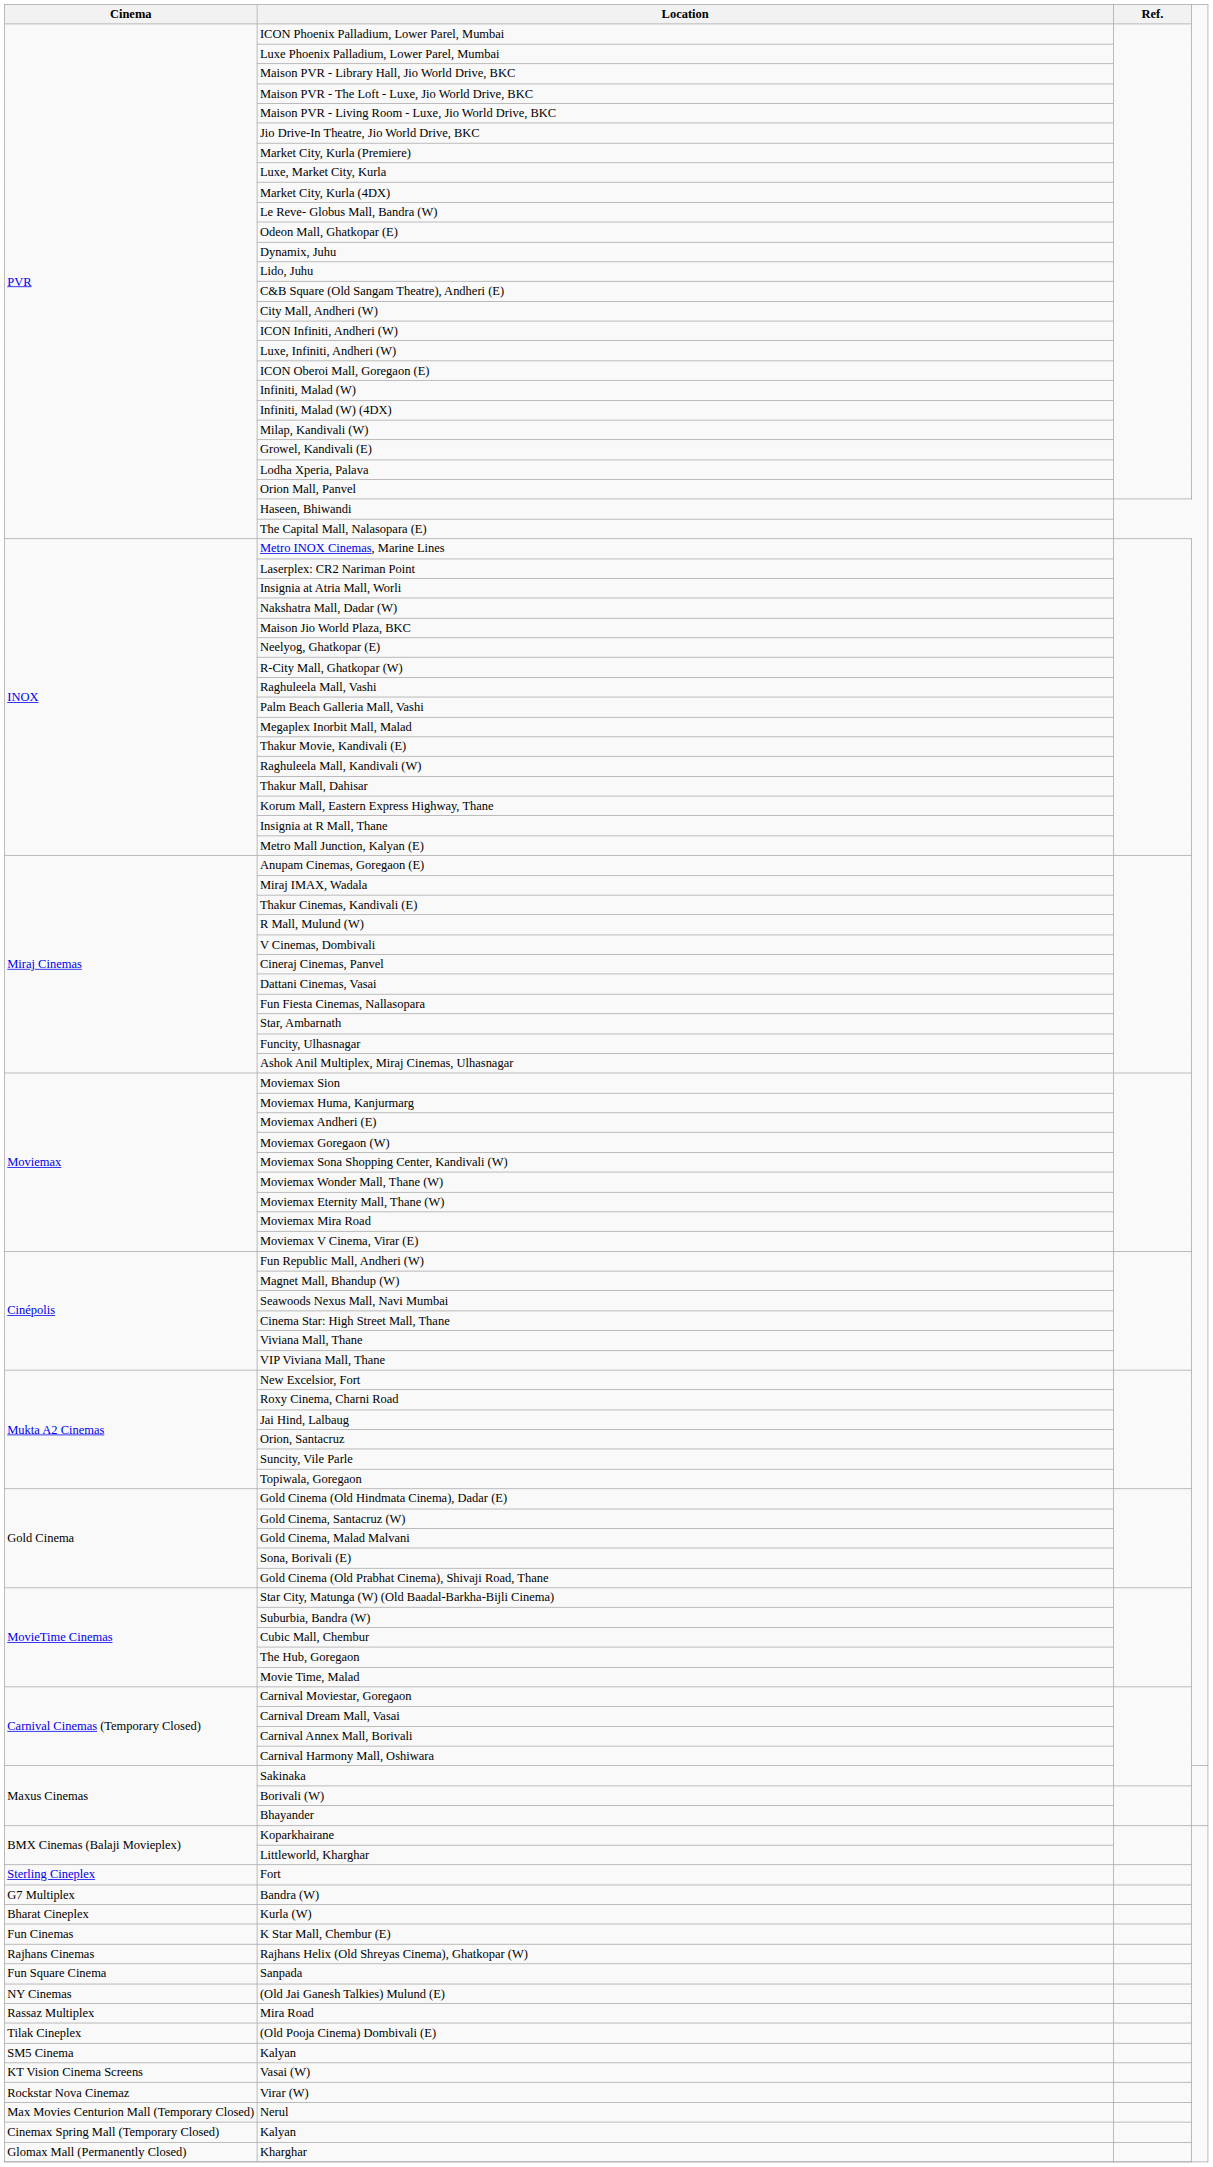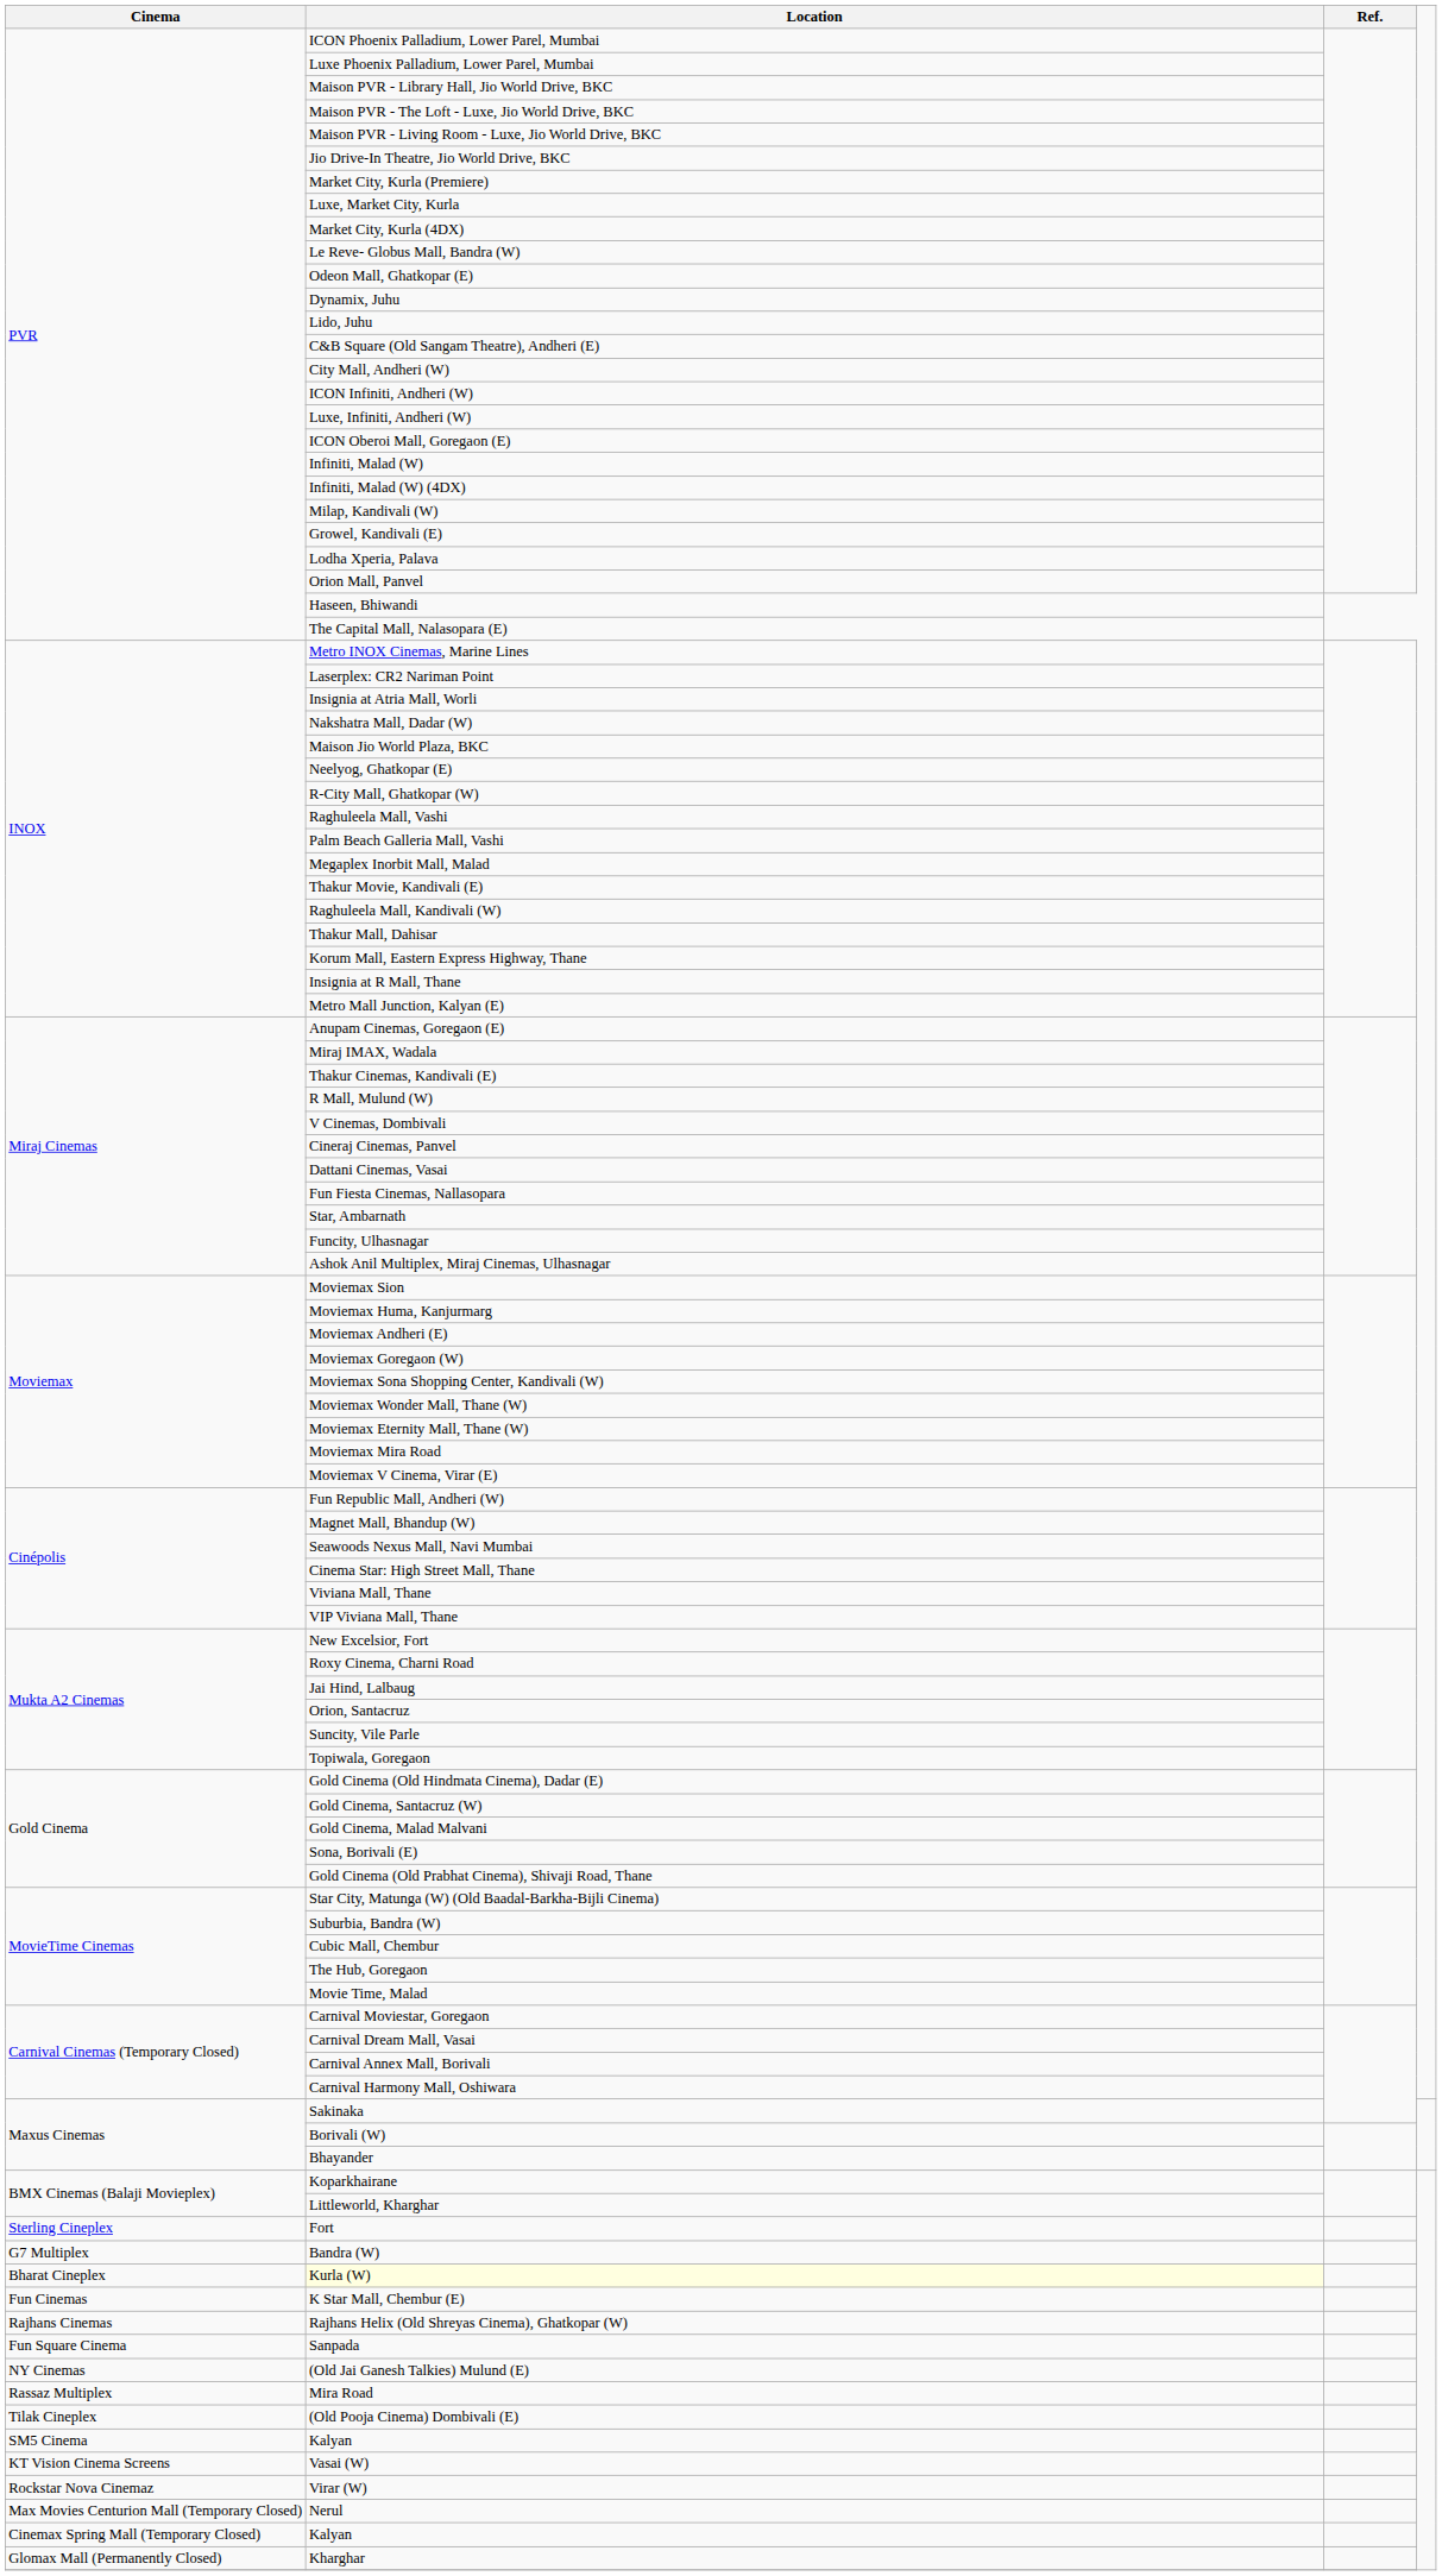 <table class="wikitable">
 <tr>
 <th width="21%">Cinema</th>
 <th>Location</th>
 <th>Ref.</th>
 </tr>
 <tr valign="Centre">
 <td Rowspan="26"><a href='#'>PVR</a></td>
 <td>ICON Phoenix Palladium, Lower Parel, Mumbai</td>
 <td Rowspan="24"></td>
 </tr>
 <tr>
 <td>Luxe Phoenix Palladium, Lower Parel, Mumbai</td>
 </tr>
 <tr>
 <td>Maison PVR - Library Hall, Jio World Drive, BKC</td>
 </tr>
 <tr>
 <td>Maison PVR - The Loft - Luxe, Jio World Drive, BKC</td>
 </tr>
 <tr>
 <td>Maison PVR - Living Room - Luxe, Jio World Drive, BKC</td>
 </tr>
 <tr>
 <td>Jio Drive-In Theatre, Jio World Drive, BKC</td>
 </tr>
 <tr>
 <td>Market City, Kurla (Premiere)</td>
 </tr>
 <tr>
 <td>Luxe, Market City, Kurla</td>
 </tr>
 <tr>
 <td>Market City, Kurla (4DX)</td>
 </tr>
 <tr>
 <td>Le Reve- Globus Mall, Bandra (W)</td>
 </tr>
 <tr>
 <td>Odeon Mall, Ghatkopar (E)</td>
 </tr>
 <tr>
 <td>Dynamix, Juhu</td>
 </tr>
 <tr>
 <td>Lido, Juhu</td>
 </tr>
 <tr>
 <td>C&B Square (Old Sangam Theatre), Andheri (E)</td>
 </tr>
 <tr>
 <td>City Mall, Andheri (W)</td>
 </tr>
 <tr>
 <td>ICON Infiniti, Andheri (W)</td>
 </tr>
 <tr>
 <td>Luxe, Infiniti, Andheri (W)</td>
 </tr>
 <tr>
 <td>ICON Oberoi Mall, Goregaon (E)</td>
 </tr>
 <tr>
 <td>Infiniti, Malad (W)</td>
 </tr>
 <tr>
 <td>Infiniti, Malad (W) (4DX)</td>
 </tr>
 <tr>
 <td>Milap, Kandivali (W)</td>
 </tr>
 <tr>
 <td>Growel, Kandivali (E)</td>
 </tr>
 <tr>
 <td>Lodha Xperia, Palava</td>
 </tr>
 <tr>
 <td>Orion Mall, Panvel</td>
 </tr>
 <tr>
 <td>Haseen, Bhiwandi</td>
 </tr>
 <tr>
 <td>The Capital Mall, Nalasopara (E)</td>
 </tr>
 <tr>
 <td Rowspan="16"><a href='#'>INOX</a></td>
 <td><a href='#'>Metro INOX Cinemas</a>, Marine Lines</td>
 <td Rowspan="16"></td>
 </tr>
 <tr>
 <td>Laserplex: CR2 Nariman Point</td>
 </tr>
 <tr>
 <td>Insignia at Atria Mall, Worli</td>
 </tr>
 <tr>
 <td>Nakshatra Mall, Dadar (W)</td>
 </tr>
 <tr>
 <td>Maison Jio World Plaza, BKC</td>
 </tr>
 <tr>
 <td>Neelyog, Ghatkopar (E)</td>
 </tr>
 <tr>
 <td>R-City Mall, Ghatkopar (W)</td>
 </tr>
 <tr>
 <td>Raghuleela Mall, Vashi</td>
 </tr>
 <tr>
 <td>Palm Beach Galleria Mall, Vashi</td>
 </tr>
 <tr>
 <td>Megaplex Inorbit Mall, Malad</td>
 </tr>
 <tr>
 <td>Thakur Movie, Kandivali (E)</td>
 </tr>
 <tr>
 <td>Raghuleela Mall, Kandivali (W)</td>
 </tr>
 <tr>
 <td>Thakur Mall, Dahisar</td>
 </tr>
 <tr>
 <td>Korum Mall, Eastern Express Highway, Thane</td>
 </tr>
 <tr>
 <td>Insignia at R Mall, Thane</td>
 </tr>
 <tr>
 <td>Metro Mall Junction, Kalyan (E)</td>
 </tr>
 <tr>
 <td rowspan="11"><a href='#'>Miraj Cinemas</a></td>
 <td>Anupam Cinemas, Goregaon (E)</td>
 <td rowspan="11"></td>
 </tr>
 <tr>
 <td>Miraj IMAX, Wadala</td>
 </tr>
 <tr>
 <td>Thakur Cinemas, Kandivali (E)</td>
 </tr>
 <tr>
 <td>R Mall, Mulund (W)</td>
 </tr>
 <tr>
 <td>V Cinemas, Dombivali</td>
 </tr>
 <tr>
 <td>Cineraj Cinemas, Panvel</td>
 </tr>
 <tr>
 <td>Dattani Cinemas, Vasai</td>
 </tr>
 <tr>
 <td>Fun Fiesta Cinemas, Nallasopara</td>
 </tr>
 <tr>
 <td>Star, Ambarnath</td>
 </tr>
 <tr>
 <td>Funcity, Ulhasnagar</td>
 </tr>
 <tr>
 <td>Ashok Anil Multiplex, Miraj Cinemas, Ulhasnagar</td>
 </tr>
 <tr>
 <td Rowspan="9"><a href='#'>Moviemax</a></td>
 <td>Moviemax Sion</td>
 <td Rowspan="9"></td>
 </tr>
 <tr>
 <td>Moviemax Huma, Kanjurmarg</td>
 </tr>
 <tr>
 <td>Moviemax Andheri (E)</td>
 </tr>
 <tr>
 <td>Moviemax Goregaon (W)</td>
 </tr>
 <tr>
 <td>Moviemax Sona Shopping Center, Kandivali (W)</td>
 </tr>
 <tr>
 <td>Moviemax Wonder Mall, Thane (W)</td>
 </tr>
 <tr>
 <td>Moviemax Eternity Mall, Thane (W)</td>
 </tr>
 <tr>
 <td>Moviemax Mira Road</td>
 </tr>
 <tr>
 <td>Moviemax V Cinema, Virar (E)</td>
 </tr>
 <tr>
 <td Rowspan="6"><a href='#'>Cinépolis</a></td>
 <td>Fun Republic Mall, Andheri (W)</td>
 <td Rowspan="6"></td>
 </tr>
 <tr>
 <td>Magnet Mall, Bhandup (W)</td>
 </tr>
 <tr>
 <td>Seawoods Nexus Mall, Navi Mumbai</td>
 </tr>
 <tr>
 <td>Cinema Star: High Street Mall, Thane</td>
 </tr>
 <tr>
 <td>Viviana Mall, Thane</td>
 </tr>
 <tr>
 <td>VIP Viviana Mall, Thane</td>
 </tr>
 <tr>
 <td Rowspan="6"><a href='#'>Mukta A2 Cinemas</a></td>
 <td>New Excelsior, Fort</td>
 <td Rowspan="6"></td>
 </tr>
 <tr>
 <td>Roxy Cinema, Charni Road</td>
 </tr>
 <tr>
 <td>Jai Hind, Lalbaug</td>
 </tr>
 <tr>
 <td>Orion, Santacruz</td>
 </tr>
 <tr>
 <td>Suncity, Vile Parle</td>
 </tr>
 <tr>
 <td>Topiwala, Goregaon</td>
 </tr>
 <tr>
 <td Rowspan="5">Gold Cinema</td>
 <td>Gold Cinema (Old Hindmata Cinema), Dadar (E)</td>
 <td Rowspan="5"></td>
 </tr>
 <tr>
 <td>Gold Cinema, Santacruz (W)</td>
 </tr>
 <tr>
 <td>Gold Cinema, Malad Malvani</td>
 </tr>
 <tr>
 <td>Sona, Borivali (E)</td>
 </tr>
 <tr>
 <td>Gold Cinema (Old Prabhat Cinema), Shivaji Road, Thane</td>
 </tr>
 <tr>
 <td Rowspan="5"><a href='#'>MovieTime Cinemas</a></td>
 <td>Star City, Matunga (W) (Old Baadal-Barkha-Bijli Cinema)</td>
 <td Rowspan="5"></td>
 </tr>
 <tr>
 <td>Suburbia, Bandra (W)</td>
 </tr>
 <tr>
 <td>Cubic Mall, Chembur</td>
 </tr>
 <tr>
 <td>The Hub, Goregaon</td>
 </tr>
 <tr>
 <td>Movie Time, Malad</td>
 </tr>
 <tr>
 <td rowspan="4"><a href='#'>Carnival Cinemas</a> (Temporary Closed)</td>
 <td>Carnival Moviestar, Goregaon</td>
 <td rowspan="5"></td>
 </tr>
 <tr>
 <td>Carnival Dream Mall, Vasai</td>
 </tr>
 <tr>
 <td>Carnival Annex Mall, Borivali</td>
 </tr>
 <tr>
 <td>Carnival Harmony Mall, Oshiwara</td>
 </tr>
 <tr>
 <td Rowspan="3">Maxus Cinemas</td>
 <td>Sakinaka</td>
 <td Rowspan="3"></td>
 </tr>
 <tr>
 <td>Borivali (W)</td>
 </tr>
 <tr>
 <td>Bhayander</td>
 </tr>
 <tr>
 <td Rowspan="2">BMX Cinemas (Balaji Movieplex)</td>
 <td>Koparkhairane</td>
 <td Rowspan="2"></td>
 </tr>
 <tr>
 <td>Littleworld, Kharghar</td>
 </tr>
 <tr>
 <td><a href='#'>Sterling Cineplex</a></td>
 <td>Fort</td>
 <td></td>
 </tr>
 <tr>
 <td>G7 Multiplex</td>
 <td>Bandra (W)</td>
 <td></td>
 </tr>
 <tr>
 <td>Bharat Cineplex</td>
-<td>Kurla (W)</td>
+<td style="background: lightyellow;">Kurla (W)</td>
 <td></td>
 </tr>
 <tr>
 <td>Fun Cinemas</td>
 <td>K Star Mall, Chembur (E)</td>
 <td></td>
 </tr>
 <tr>
 <td Rowspan="1">Rajhans Cinemas</td>
 <td>Rajhans Helix (Old Shreyas Cinema), Ghatkopar (W)</td>
 <td Rowspan="1"></td>
 </tr>
 <tr>
 <td>Fun Square Cinema</td>
 <td>Sanpada</td>
 <td></td>
 </tr>
 <tr>
 <td>NY Cinemas</td>
 <td>(Old Jai Ganesh Talkies) Mulund (E)</td>
 <td></td>
 </tr>
 <tr>
 <td>Rassaz Multiplex</td>
 <td>Mira Road</td>
 <td></td>
 </tr>
 <tr>
 <td>Tilak Cineplex</td>
 <td>(Old Pooja Cinema) Dombivali (E)</td>
 <td></td>
 </tr>
 <tr>
 <td>SM5 Cinema</td>
 <td>Kalyan</td>
 <td></td>
 </tr>
 <tr>
 <td>KT Vision Cinema Screens</td>
 <td>Vasai (W)</td>
 <td></td>
 </tr>
 <tr>
 <td>Rockstar Nova Cinemaz</td>
 <td>Virar (W)</td>
 <td></td>
 </tr>
 <tr>
 <td>Max Movies Centurion Mall (Temporary Closed)</td>
 <td>Nerul</td>
 <td></td>
 </tr>
 <tr>
 <td>Cinemax Spring Mall (Temporary Closed)</td>
 <td>Kalyan</td>
 <td></td>
 </tr>
 <tr>
 <td>Glomax Mall (Permanently Closed)</td>
 <td>Kharghar</td>
 <td></td>
 </tr>
 <tr>
 </tr>
 </table>
